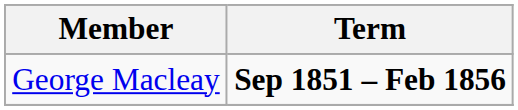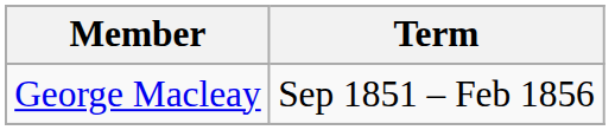 <table class="wikitable">
 <tr>
 <th>Member</th>
 <th>Term</th>
 </tr>
 <tr>
 <td><a href='#'>George Macleay</a></td>
-<td><strong>Sep 1851 – Feb 1856</strong></td>
+<td>Sep 1851 – Feb 1856</td>
 </tr>
 <tr>
 </tr>
 </table>
